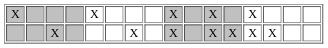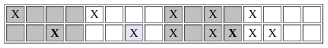 <table border="1">
 <tr align="center">
 <td width="20" bgcolor="silver">X</td>
 <td width="20" bgcolor="silver"> </td>
 <td width="20" bgcolor="silver"> </td>
 <td width="20" bgcolor="silver"> </td>
 <td width="20">X</td>
 <td width="20"> </td>
 <td width="20"> </td>
 <td width="20"> </td>
 <td width="20" bgcolor="silver">X</td>
 <td width="20" bgcolor="silver"> </td>
 <td width="20" bgcolor="silver">X</td>
 <td width="20" bgcolor="silver"> </td>
 <td width="20">X</td>
 <td width="20"> </td>
 <td width="20"> </td>
 <td width="20"> </td>
 </tr>
 <tr align="center">
 <td width="20" bgcolor="silver"> </td>
 <td width="20" bgcolor="silver"> </td>
-<td width="20" bgcolor="silver">X</td>
+<td width="20" bgcolor="silver"><strong>X</strong></td>
 <td width="20" bgcolor="silver"> </td>
 <td width="20"> </td>
 <td width="20"> </td>
-<td width="20">X</td>
+<td width="20" style="background: lavender;">X</td>
 <td width="20"> </td>
 <td width="20" bgcolor="silver">X</td>
 <td width="20" bgcolor="silver"> </td>
 <td width="20" bgcolor="silver">X</td>
-<td width="20" bgcolor="silver">X</td>
+<td width="20" bgcolor="silver"><strong>X</strong></td>
 <td width="20">X</td>
 <td width="20">X</td>
 <td width="20"> </td>
 <td width="20"> </td>
 </tr>
 </table>
